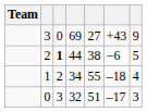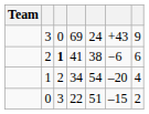 <table class="wikitable">
 <tr>
 <th>Team</th>
 <th></th>
 <th></th>
 <th></th>
 <th></th>
 <th></th>
 <th></th>
 </tr>
 <tr>
 <td></td>
 <td>3</td>
 <td>0</td>
 <td>69</td>
-<td>27</td>
+<td>24</td>
 <td>+43</td>
 <td>9</td>
 </tr>
 <tr>
 <td></td>
 <td>2</td>
 <td><strong>1</strong></td>
-<td>44</td>
+<td>41</td>
 <td>38</td>
 <td>−6</td>
-<td>5</td>
+<td>6</td>
 </tr>
 <tr>
 <td></td>
 <td>1</td>
 <td>2</td>
 <td>34</td>
-<td>55</td>
-<td>–18</td>
+<td>54</td>
+<td>–20</td>
 <td>4</td>
 </tr>
 <tr>
 <td></td>
 <td>0</td>
 <td>3</td>
-<td>32</td>
+<td>22</td>
 <td>51</td>
-<td>–17</td>
-<td>3</td>
+<td>–15</td>
+<td>2</td>
 </tr>
 </table>
